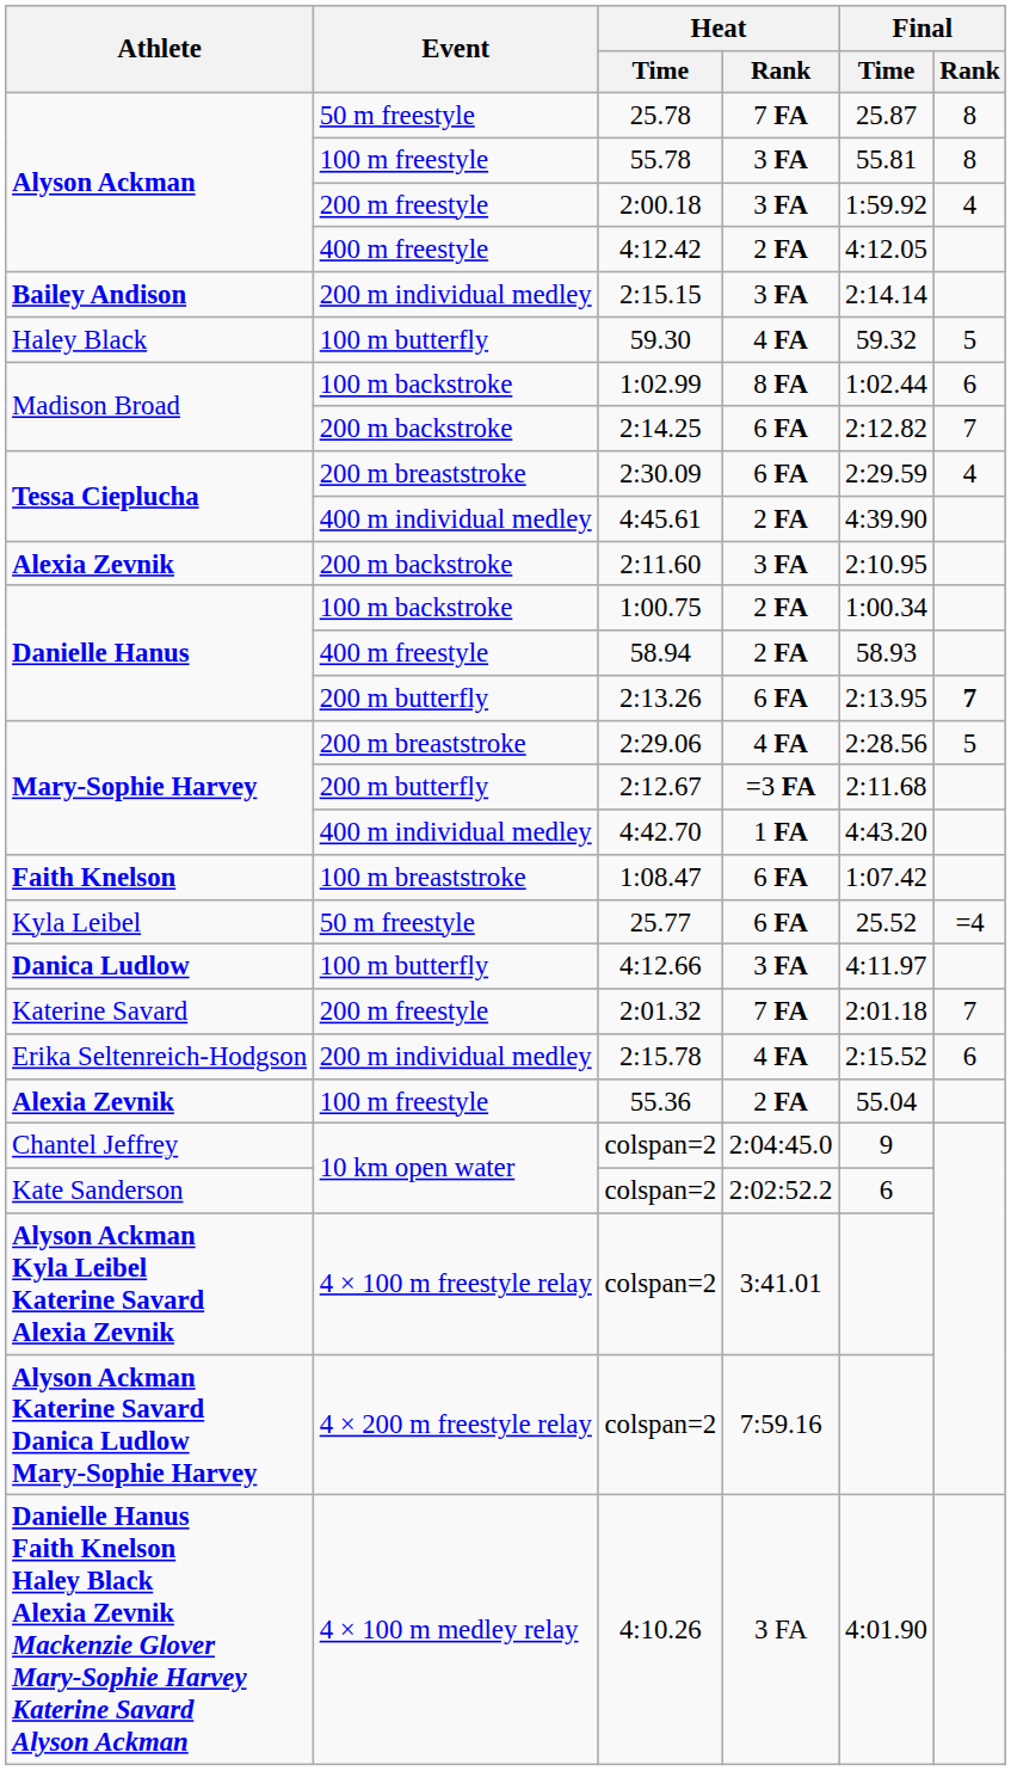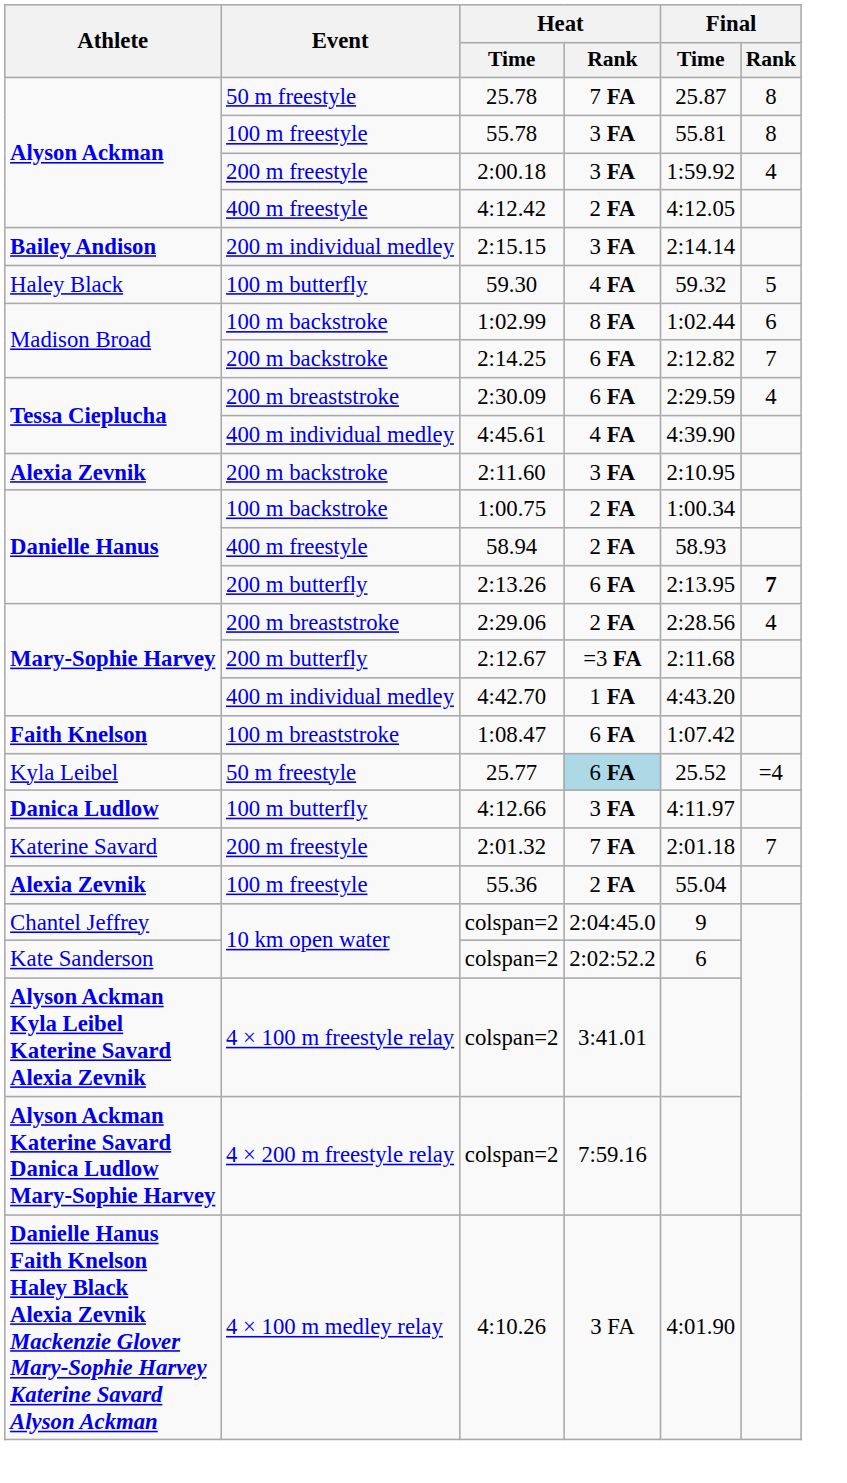 <table class=wikitable style="font-size:90%">
 <tr>
 <th rowspan="2">Athlete</th>
 <th rowspan="2">Event</th>
 <th colspan="2">Heat</th>
 <th colspan="2">Final</th>
 </tr>
 <tr style="font-size:95%">
 <th>Time</th>
 <th>Rank</th>
 <th>Time</th>
 <th>Rank</th>
 </tr>
 <tr align=center>
 <td align=left rowspan=4><strong><a href='#'>Alyson Ackman</a></strong></td>
 <td align=left><a href='#'>50 m freestyle</a></td>
 <td>25.78</td>
 <td>7 <strong>FA</strong></td>
 <td>25.87</td>
 <td>8</td>
 </tr>
 <tr align=center>
 <td align=left><a href='#'>100 m freestyle</a></td>
 <td>55.78</td>
 <td>3 <strong>FA</strong></td>
 <td>55.81</td>
 <td>8</td>
 </tr>
 <tr align=center>
 <td align=left><a href='#'>200 m freestyle</a></td>
 <td>2:00.18</td>
 <td>3 <strong>FA</strong></td>
 <td>1:59.92</td>
 <td>4</td>
 </tr>
 <tr align=center>
 <td align=left><a href='#'>400 m freestyle</a></td>
 <td>4:12.42</td>
 <td>2 <strong>FA</strong></td>
 <td>4:12.05</td>
 <td></td>
 </tr>
 <tr align=center>
 <td align=left><strong><a href='#'>Bailey Andison</a></strong></td>
 <td align=left><a href='#'>200 m individual medley</a></td>
 <td>2:15.15</td>
 <td>3 <strong>FA</strong></td>
 <td>2:14.14</td>
 <td></td>
 </tr>
 <tr align=center>
 <td align=left><a href='#'>Haley Black</a></td>
 <td align=left><a href='#'>100 m butterfly</a></td>
 <td>59.30</td>
 <td>4 <strong>FA</strong></td>
 <td>59.32</td>
 <td>5</td>
 </tr>
 <tr align=center>
 <td align=left rowspan=2><a href='#'>Madison Broad</a></td>
 <td align=left><a href='#'>100 m backstroke</a></td>
 <td>1:02.99</td>
 <td>8 <strong>FA</strong></td>
 <td>1:02.44</td>
 <td>6</td>
 </tr>
 <tr align=center>
 <td align=left><a href='#'>200 m backstroke</a></td>
 <td>2:14.25</td>
 <td>6 <strong>FA</strong></td>
 <td>2:12.82</td>
 <td>7</td>
 </tr>
 <tr align=center>
 <td align=left rowspan=2><strong><a href='#'>Tessa Cieplucha</a></strong></td>
 <td align=left><a href='#'>200 m breaststroke</a></td>
 <td>2:30.09</td>
 <td>6 <strong>FA</strong></td>
 <td>2:29.59</td>
 <td>4</td>
 </tr>
 <tr align=center>
 <td align=left><a href='#'>400 m individual medley</a></td>
 <td>4:45.61</td>
-<td>2 <strong>FA</strong></td>
+<td>4 <strong>FA</strong></td>
 <td>4:39.90</td>
 <td></td>
 </tr>
 <tr align=center>
 <td align=left><strong><a href='#'>Alexia Zevnik</a></strong></td>
 <td align=left><a href='#'>200 m backstroke</a></td>
 <td>2:11.60</td>
 <td>3 <strong>FA</strong></td>
 <td>2:10.95</td>
 <td></td>
 </tr>
 <tr align=center>
 <td align=left rowspan=3><strong><a href='#'>Danielle Hanus</a></strong></td>
 <td align=left><a href='#'>100 m backstroke</a></td>
 <td>1:00.75</td>
 <td>2 <strong>FA</strong></td>
 <td>1:00.34</td>
 <td></td>
 </tr>
 <tr align=center>
 <td align=left><a href='#'>400 m freestyle</a></td>
 <td>58.94</td>
 <td>2 <strong>FA</strong></td>
 <td>58.93</td>
 <td></td>
 </tr>
 <tr align=center>
 <td align=left><a href='#'>200 m butterfly</a></td>
 <td>2:13.26</td>
 <td>6 <strong>FA</strong></td>
 <td>2:13.95</td>
 <td><strong>7</strong></td>
 </tr>
 <tr align=center>
 <td align=left rowspan=3><strong><a href='#'>Mary-Sophie Harvey</a></strong></td>
 <td align=left><a href='#'>200 m breaststroke</a></td>
 <td>2:29.06</td>
-<td>4 <strong>FA</strong></td>
+<td>2 <strong>FA</strong></td>
 <td>2:28.56</td>
-<td>5</td>
+<td>4</td>
 </tr>
 <tr align=center>
 <td align=left><a href='#'>200 m butterfly</a></td>
 <td>2:12.67</td>
 <td>=3 <strong>FA</strong></td>
 <td>2:11.68</td>
 <td></td>
 </tr>
 <tr align=center>
 <td align=left><a href='#'>400 m individual medley</a></td>
 <td>4:42.70</td>
 <td>1 <strong>FA</strong></td>
 <td>4:43.20</td>
 <td></td>
 </tr>
 <tr align=center>
 <td align=left><strong><a href='#'>Faith Knelson</a></strong></td>
 <td align=left><a href='#'>100 m breaststroke</a></td>
 <td>1:08.47</td>
 <td>6 <strong>FA</strong></td>
 <td>1:07.42</td>
 <td></td>
 </tr>
 <tr align=center>
 <td align=left><a href='#'>Kyla Leibel</a></td>
 <td align=left><a href='#'>50 m freestyle</a></td>
 <td>25.77</td>
-<td>6 <strong>FA</strong></td>
+<td style="background: lightblue;">6 <strong>FA</strong></td>
 <td>25.52</td>
 <td>=4</td>
 </tr>
 <tr align=center>
 <td align=left><strong><a href='#'>Danica Ludlow</a></strong></td>
 <td align=left><a href='#'>100 m butterfly</a></td>
 <td>4:12.66</td>
 <td>3 <strong>FA</strong></td>
 <td>4:11.97</td>
 <td></td>
 </tr>
 <tr align=center>
 <td align=left><a href='#'>Katerine Savard</a></td>
 <td align=left><a href='#'>200 m freestyle</a></td>
 <td>2:01.32</td>
 <td>7 <strong>FA</strong></td>
 <td>2:01.18</td>
 <td>7</td>
-</tr>
-<tr align=center>
-<td align=left><a href='#'>Erika Seltenreich-Hodgson</a></td>
-<td align=left><a href='#'>200 m individual medley</a></td>
-<td>2:15.78</td>
-<td>4 <strong>FA</strong></td>
-<td>2:15.52</td>
-<td>6</td>
 </tr>
 <tr align=center>
 <td align=left><strong><a href='#'>Alexia Zevnik</a></strong></td>
 <td align=left><a href='#'>100 m freestyle</a></td>
 <td>55.36</td>
 <td>2 <strong>FA</strong></td>
 <td>55.04</td>
 <td></td>
 </tr>
 <tr align=center>
 <td align=left><a href='#'>Chantel Jeffrey</a></td>
 <td align=left rowspan=2><a href='#'>10 km open water</a></td>
 <td>colspan=2 </td>
 <td>2:04:45.0</td>
 <td>9</td>
 </tr>
 <tr align=center>
 <td align=left><a href='#'>Kate Sanderson</a></td>
 <td>colspan=2 </td>
 <td>2:02:52.2</td>
 <td>6</td>
 </tr>
 <tr align=center>
 <td align=left><strong><a href='#'>Alyson Ackman</a><br><a href='#'>Kyla Leibel</a><br><a href='#'>Katerine Savard</a><br><a href='#'>Alexia Zevnik</a></strong></td>
 <td align=left><a href='#'>4 × 100 m freestyle relay</a></td>
 <td>colspan=2 </td>
 <td>3:41.01</td>
 <td></td>
 </tr>
 <tr align=center>
 <td align=left><strong><a href='#'>Alyson Ackman</a><br><a href='#'>Katerine Savard</a><br><a href='#'>Danica Ludlow</a><br><a href='#'>Mary-Sophie Harvey</a></strong></td>
 <td align=left><a href='#'>4 × 200 m freestyle relay</a></td>
 <td>colspan=2 </td>
 <td>7:59.16</td>
 <td></td>
 </tr>
 <tr align=center>
 <td align=left><strong><a href='#'>Danielle Hanus</a><br><a href='#'>Faith Knelson</a><br><a href='#'>Haley Black</a><br><a href='#'>Alexia Zevnik</a><br><em><a href='#'>Mackenzie Glover</a></em><br><em><a href='#'>Mary-Sophie Harvey</a></em><br><em><a href='#'>Katerine Savard</a></em><br><em><a href='#'>Alyson Ackman</a><strong><em></td>
 <td align=left><a href='#'>4 × 100 m medley relay</a></td>
 <td>4:10.26</td>
 <td>3 </strong>FA<strong></td>
 <td>4:01.90</td>
 <td></td>
 </tr>
 </table>
